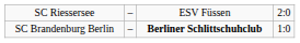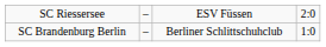 <table class="wikitable" width="50%">
 <tr align="center">
 <td>SC Riessersee</td>
 <td>–</td>
 <td>ESV Füssen</td>
 <td>2:0</td>
 </tr>
 <tr align="center">
 <td>SC Brandenburg Berlin</td>
 <td>–</td>
-<td><strong>Berliner Schlittschuhclub</strong></td>
+<td>Berliner Schlittschuhclub</td>
 <td>1:0</td>
 </tr>
 </table>
